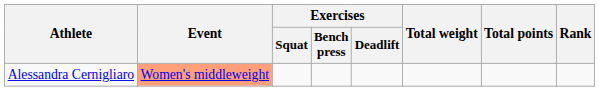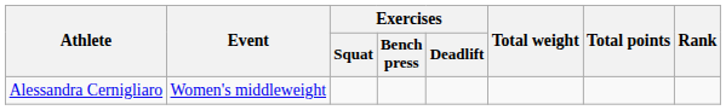 <table class=wikitable style="font-size:90%">
 <tr>
 <th rowspan="2">Athlete</th>
 <th rowspan="2">Event</th>
 <th colspan="3">Exercises</th>
 <th rowspan="2">Total weight</th>
 <th rowspan="2">Total points</th>
 <th rowspan="2">Rank</th>
 </tr>
 <tr style="font-size:95%">
 <th>Squat</th>
 <th>Bench<br>press</th>
 <th>Deadlift</th>
 </tr>
 <tr align=center>
 <td align=left><a href='#'>Alessandra Cernigliaro</a></td>
-<td align=left style="background: lightsalmon;"><a href='#'>Women's middleweight</a></td>
+<td align=left><a href='#'>Women's middleweight</a></td>
 <td></td>
 <td></td>
 <td></td>
 <td></td>
 <td></td>
 <td></td>
 </tr>
 </table>
